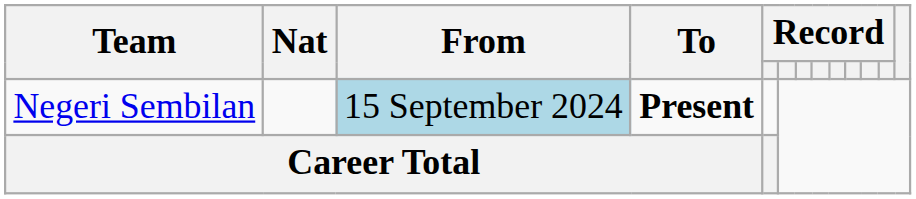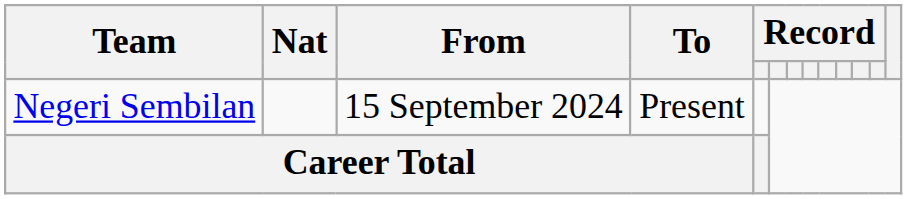 <table class="wikitable" style="text-align: center;">
 <tr>
 <th rowspan="2">Team</th>
 <th rowspan="2">Nat</th>
 <th rowspan="2">From</th>
 <th rowspan="2">To</th>
 <th colspan="8">Record</th>
 <th rowspan="2"></th>
 </tr>
 <tr>
 <th></th>
 <th></th>
 <th></th>
 <th></th>
 <th></th>
 <th></th>
 <th></th>
 <th></th>
 </tr>
 <tr>
 <td align="left"><a href='#'>Negeri Sembilan</a></td>
 <td></td>
-<td align="left" style="background: lightblue;">15 September 2024</td>
-<td align="left"><strong>Present<br></strong></td>
+<td align="left">15 September 2024</td>
+<td align="left">Present<br></td>
 <td></td>
 </tr>
 <tr>
 <th colspan="4">Career Total<br></th>
 <th></th>
 </tr>
 </table>
